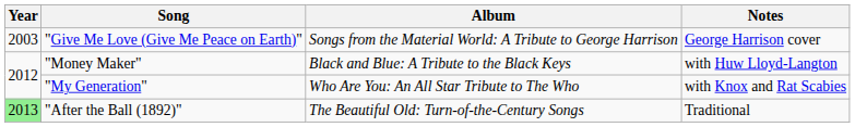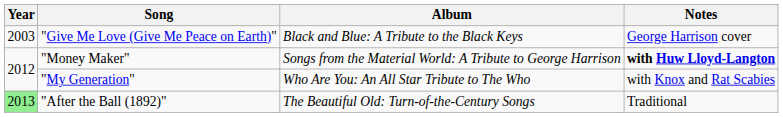 <table class="wikitable">
 <tr>
 <th>Year</th>
 <th>Song</th>
 <th>Album</th>
 <th>Notes</th>
 </tr>
 <tr>
 <td>2003</td>
 <td>"<a href='#'>Give Me Love (Give Me Peace on Earth)</a>"</td>
-<td><em>Songs from the Material World: A Tribute to George Harrison</em></td>
+<td><em>Black and Blue: A Tribute to the Black Keys</em></td>
 <td><a href='#'>George Harrison</a> cover</td>
 </tr>
 <tr>
 <td rowspan="2">2012</td>
 <td>"Money Maker"</td>
-<td><em>Black and Blue: A Tribute to the Black Keys</em></td>
-<td>with <a href='#'>Huw Lloyd-Langton</a></td>
+<td><em>Songs from the Material World: A Tribute to George Harrison</em></td>
+<td><strong>with <a href='#'>Huw Lloyd-Langton</a></strong></td>
 </tr>
 <tr>
 <td>"<a href='#'>My Generation</a>"</td>
 <td><em>Who Are You: An All Star Tribute to The Who</em></td>
 <td>with <a href='#'>Knox</a> and <a href='#'>Rat Scabies</a></td>
 </tr>
 <tr>
 <td style="background: lightgreen;">2013</td>
 <td>"After the Ball (1892)"</td>
 <td><em>The Beautiful Old: Turn-of-the-Century Songs</em></td>
 <td>Traditional</td>
 </tr>
 </table>
